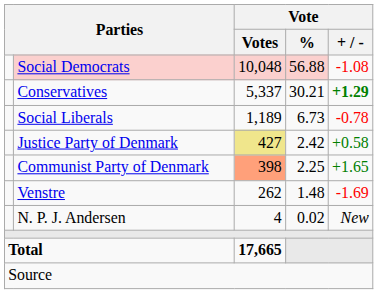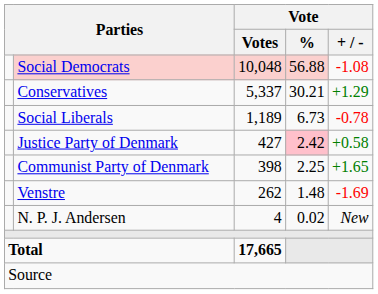 <table class="wikitable" style="text-align:right;">
 <tr>
 <th style="text-align:centre;" rowspan="2" colspan="2" width="225">Parties</th>
 <th colspan="3">Vote</th>
 </tr>
 <tr>
 <th width="15">Votes</th>
 <th width="15">%</th>
 <th width="15">+ / -</th>
 </tr>
 <tr>
 <td width="2" style="color:inherit;background:"></td>
 <td bgcolor=#fbd0ce  align="left"><a href='#'>Social Democrats</a></td>
 <td bgcolor=#fbd0ce>10,048</td>
 <td bgcolor=#fbd0ce>56.88</td>
 <td style=color:red;>-1.08</td>
 </tr>
 <tr>
 <td width="2" style="color:inherit;background:"></td>
 <td align="left"><a href='#'>Conservatives</a></td>
 <td>5,337</td>
 <td>30.21</td>
-<td style=color:green;><strong>+1.29</strong></td>
+<td style=color:green;>+1.29</td>
 </tr>
 <tr>
 <td width="2" style="color:inherit;background:"></td>
 <td align="left"><a href='#'>Social Liberals</a></td>
 <td>1,189</td>
 <td>6.73</td>
 <td style=color:red;>-0.78</td>
 </tr>
 <tr>
 <td width="2" style="color:inherit;background:"></td>
 <td align="left"><a href='#'>Justice Party of Denmark</a></td>
-<td style="background: khaki;">427</td>
-<td>2.42</td>
+<td>427</td>
+<td style="background: pink;">2.42</td>
 <td style=color:green;>+0.58</td>
 </tr>
 <tr>
 <td width="2" style="color:inherit;background:"></td>
 <td align="left"><a href='#'>Communist Party of Denmark</a></td>
-<td style="background: lightsalmon;">398</td>
+<td>398</td>
 <td>2.25</td>
 <td style=color:green;>+1.65</td>
 </tr>
 <tr>
 <td width="2" style="color:inherit;background:"></td>
 <td align="left"><a href='#'>Venstre</a></td>
 <td>262</td>
 <td>1.48</td>
 <td style=color:red;>-1.69</td>
 </tr>
 <tr>
 <td width="2" style="color:inherit;background:"></td>
 <td align="left">N. P. J. Andersen</td>
 <td>4</td>
 <td>0.02</td>
 <td><em>New</em></td>
 </tr>
 <tr>
 <td colspan="7" bgcolor="#E9E9E9"></td>
 </tr>
 <tr>
 <td align="left" colspan="2"><strong>Total</strong></td>
 <td><strong>17,665</strong></td>
 <td bgcolor="#E9E9E9" colspan="2"></td>
 </tr>
 <tr>
 <td align="left" colspan="6">Source</td>
 </tr>
 </table>
